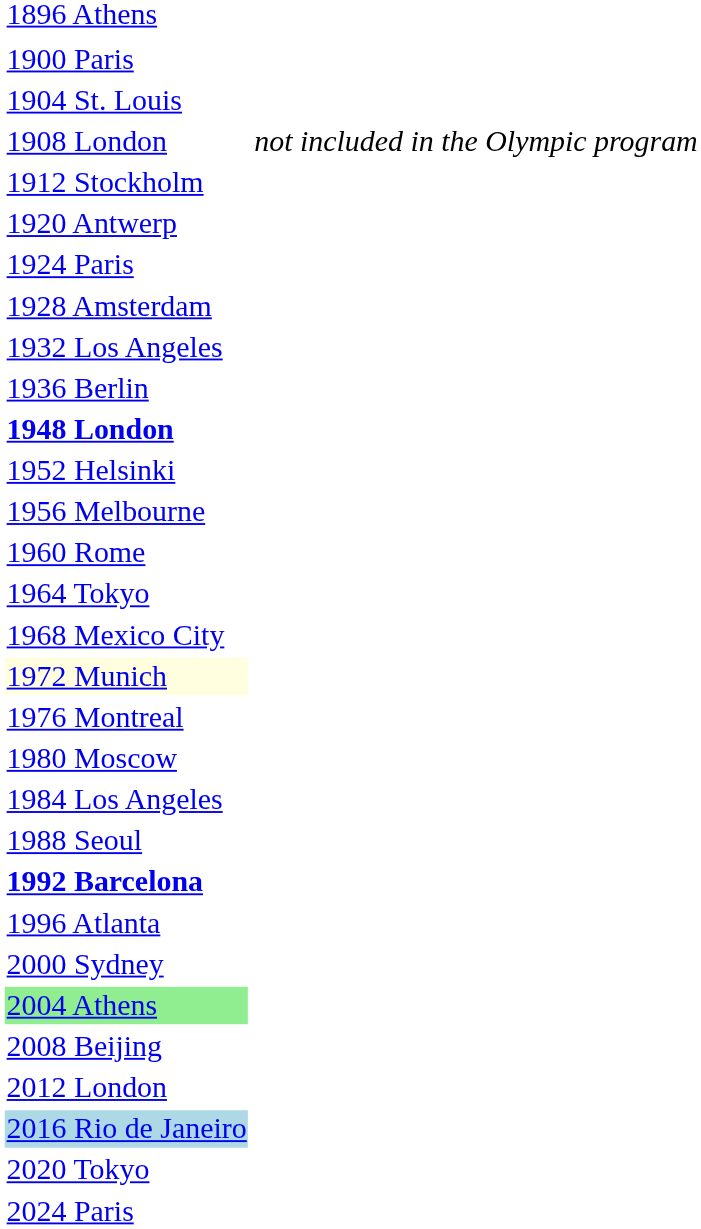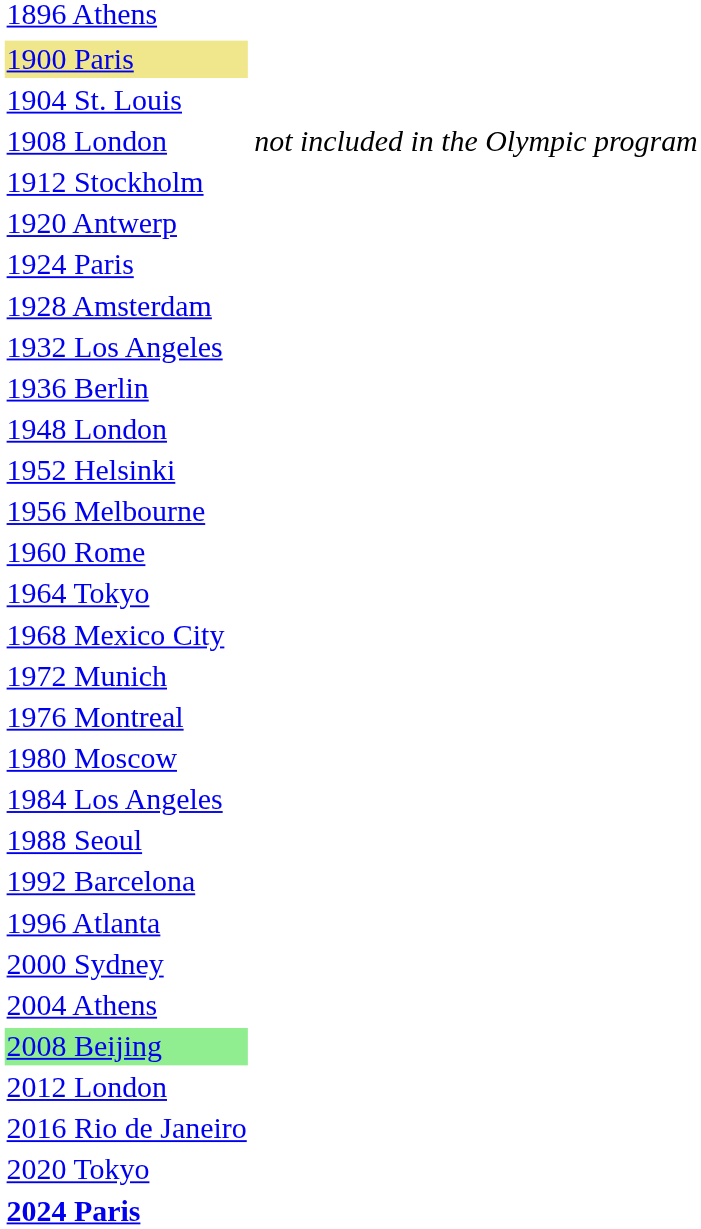 <table>
 <tr valign="top">
 <td rowspan=2><a href='#'>1896 Athens</a><br></td>
 <td rowspan=2></td>
 <td rowspan=2></td>
 <td></td>
 </tr>
 <tr>
 <td></td>
 </tr>
 <tr>
 </tr>
 <tr valign="top">
-<td><a href='#'>1900 Paris</a><br></td>
+<td style="background: khaki;"><a href='#'>1900 Paris</a><br></td>
 <td></td>
 <td></td>
 <td></td>
 </tr>
 <tr>
 <td><a href='#'>1904 St. Louis</a><br></td>
 <td></td>
 <td></td>
 <td></td>
 </tr>
 <tr>
 <td><a href='#'>1908 London</a></td>
 <td colspan=3 align=center><em>not included in the Olympic program</em></td>
 </tr>
 <tr>
 <td><a href='#'>1912 Stockholm</a><br></td>
 <td></td>
 <td></td>
 <td></td>
 </tr>
 <tr>
 <td><a href='#'>1920 Antwerp</a><br></td>
 <td></td>
 <td></td>
 <td></td>
 </tr>
 <tr>
 <td><a href='#'>1924 Paris</a><br></td>
 <td></td>
 <td></td>
 <td></td>
 </tr>
 <tr>
 <td><a href='#'>1928 Amsterdam</a><br></td>
 <td></td>
 <td></td>
 <td></td>
 </tr>
 <tr>
 <td><a href='#'>1932 Los Angeles</a><br></td>
 <td></td>
 <td></td>
 <td></td>
 </tr>
 <tr>
 <td><a href='#'>1936 Berlin</a><br></td>
 <td></td>
 <td></td>
 <td></td>
 </tr>
 <tr>
-<td><strong><a href='#'>1948 London</a><br></strong></td>
+<td><a href='#'>1948 London</a><br></td>
 <td></td>
 <td></td>
 <td></td>
 </tr>
 <tr>
 <td><a href='#'>1952 Helsinki</a><br></td>
 <td></td>
 <td></td>
 <td></td>
 </tr>
 <tr>
 <td><a href='#'>1956 Melbourne</a><br></td>
 <td></td>
 <td></td>
 <td></td>
 </tr>
 <tr>
 <td><a href='#'>1960 Rome</a><br></td>
 <td></td>
 <td></td>
 <td></td>
 </tr>
 <tr>
 <td><a href='#'>1964 Tokyo</a><br></td>
 <td></td>
 <td></td>
 <td></td>
 </tr>
 <tr>
 <td><a href='#'>1968 Mexico City</a><br></td>
 <td></td>
 <td></td>
 <td></td>
 </tr>
 <tr>
-<td style="background: lightyellow;"><a href='#'>1972 Munich</a><br></td>
+<td><a href='#'>1972 Munich</a><br></td>
 <td></td>
 <td></td>
 <td></td>
 </tr>
 <tr>
 <td><a href='#'>1976 Montreal</a><br></td>
 <td></td>
 <td></td>
 <td></td>
 </tr>
 <tr>
 <td><a href='#'>1980 Moscow</a><br></td>
 <td></td>
 <td></td>
 <td></td>
 </tr>
 <tr>
 <td><a href='#'>1984 Los Angeles</a><br></td>
 <td></td>
 <td></td>
 <td></td>
 </tr>
 <tr>
 <td><a href='#'>1988 Seoul</a><br></td>
 <td></td>
 <td></td>
 <td></td>
 </tr>
 <tr>
-<td><strong><a href='#'>1992 Barcelona</a><br></strong></td>
+<td><a href='#'>1992 Barcelona</a><br></td>
 <td></td>
 <td></td>
 <td></td>
 </tr>
 <tr>
 <td><a href='#'>1996 Atlanta</a><br></td>
 <td></td>
 <td></td>
 <td></td>
 </tr>
 <tr>
 <td><a href='#'>2000 Sydney</a><br></td>
 <td></td>
 <td></td>
 <td></td>
 </tr>
 <tr>
-<td style="background: lightgreen;"><a href='#'>2004 Athens</a><br></td>
+<td><a href='#'>2004 Athens</a><br></td>
 <td></td>
 <td></td>
 <td></td>
 </tr>
 <tr>
-<td><a href='#'>2008 Beijing</a><br></td>
+<td style="background: lightgreen;"><a href='#'>2008 Beijing</a><br></td>
 <td></td>
 <td></td>
 <td></td>
 </tr>
 <tr>
 <td><a href='#'>2012 London</a><br></td>
 <td></td>
 <td></td>
 <td></td>
 </tr>
 <tr>
-<td style="background: lightblue;"><a href='#'>2016 Rio de Janeiro</a><br></td>
+<td><a href='#'>2016 Rio de Janeiro</a><br></td>
 <td></td>
 <td></td>
 <td></td>
 </tr>
 <tr>
 <td><a href='#'>2020 Tokyo</a><br></td>
 <td></td>
 <td></td>
 <td></td>
 </tr>
 <tr>
-<td><a href='#'>2024 Paris</a> <br></td>
+<td><strong><a href='#'>2024 Paris</a> <br></strong></td>
 <td></td>
 <td></td>
 <td></td>
 </tr>
 <tr>
 </tr>
 </table>
